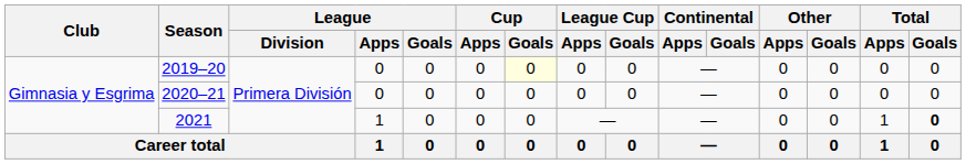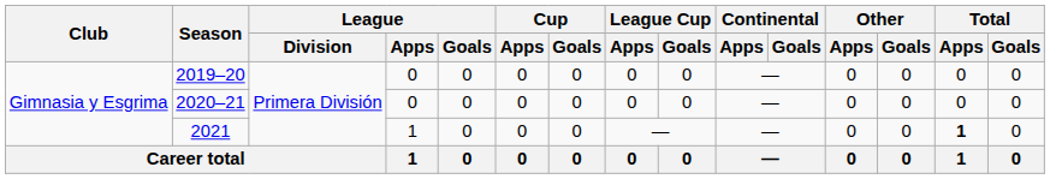 <table class="wikitable" style="text-align:center">
 <tr>
 <th rowspan="2">Club</th>
 <th rowspan="2">Season</th>
 <th colspan="3">League</th>
 <th colspan="2">Cup</th>
 <th colspan="2">League Cup</th>
 <th colspan="2">Continental</th>
 <th colspan="2">Other</th>
 <th colspan="2">Total</th>
 </tr>
 <tr>
 <th>Division</th>
 <th>Apps</th>
 <th>Goals</th>
 <th>Apps</th>
 <th>Goals</th>
 <th>Apps</th>
 <th>Goals</th>
 <th>Apps</th>
 <th>Goals</th>
 <th>Apps</th>
 <th>Goals</th>
 <th>Apps</th>
 <th>Goals</th>
 </tr>
 <tr>
 <td rowspan="3"><a href='#'>Gimnasia y Esgrima</a></td>
 <td><a href='#'>2019–20</a></td>
 <td rowspan="3"><a href='#'>Primera División</a></td>
 <td>0</td>
 <td>0</td>
 <td>0</td>
-<td style="background: lightyellow;">0</td>
+<td>0</td>
 <td>0</td>
 <td>0</td>
 <td colspan="2">—</td>
 <td>0</td>
 <td>0</td>
 <td>0</td>
 <td>0</td>
 </tr>
 <tr>
 <td><a href='#'>2020–21</a></td>
 <td>0</td>
 <td>0</td>
 <td>0</td>
 <td>0</td>
 <td>0</td>
 <td>0</td>
 <td colspan="2">—</td>
 <td>0</td>
 <td>0</td>
 <td>0</td>
 <td>0</td>
 </tr>
 <tr>
 <td><a href='#'>2021</a></td>
 <td>1</td>
 <td>0</td>
 <td>0</td>
 <td>0</td>
 <td colspan="2">—</td>
 <td colspan="2">—</td>
 <td>0</td>
 <td>0</td>
-<td>1</td>
-<td><strong>0</strong></td>
+<td><strong>1</strong></td>
+<td>0</td>
 </tr>
 <tr>
 <th colspan="3">Career total</th>
 <th>1</th>
 <th>0</th>
 <th>0</th>
 <th>0</th>
 <th>0</th>
 <th>0</th>
 <th colspan="2">—</th>
 <th>0</th>
 <th>0</th>
 <th>1</th>
 <th>0</th>
 </tr>
 </table>
